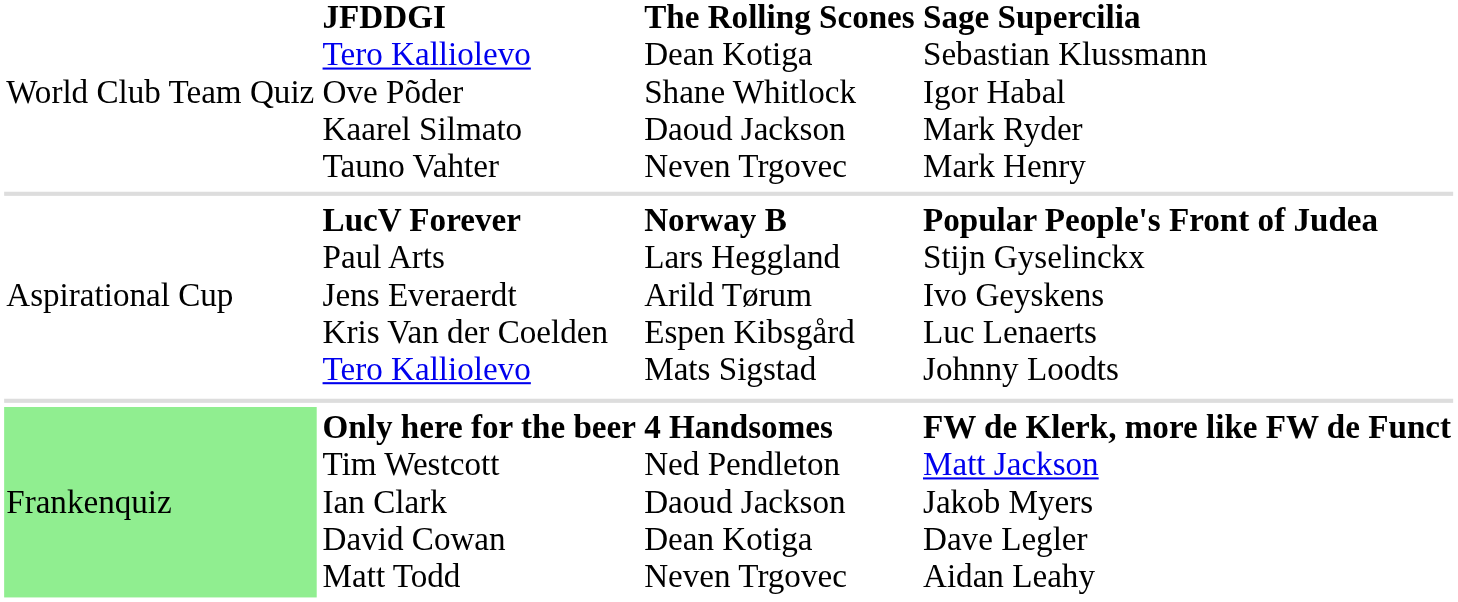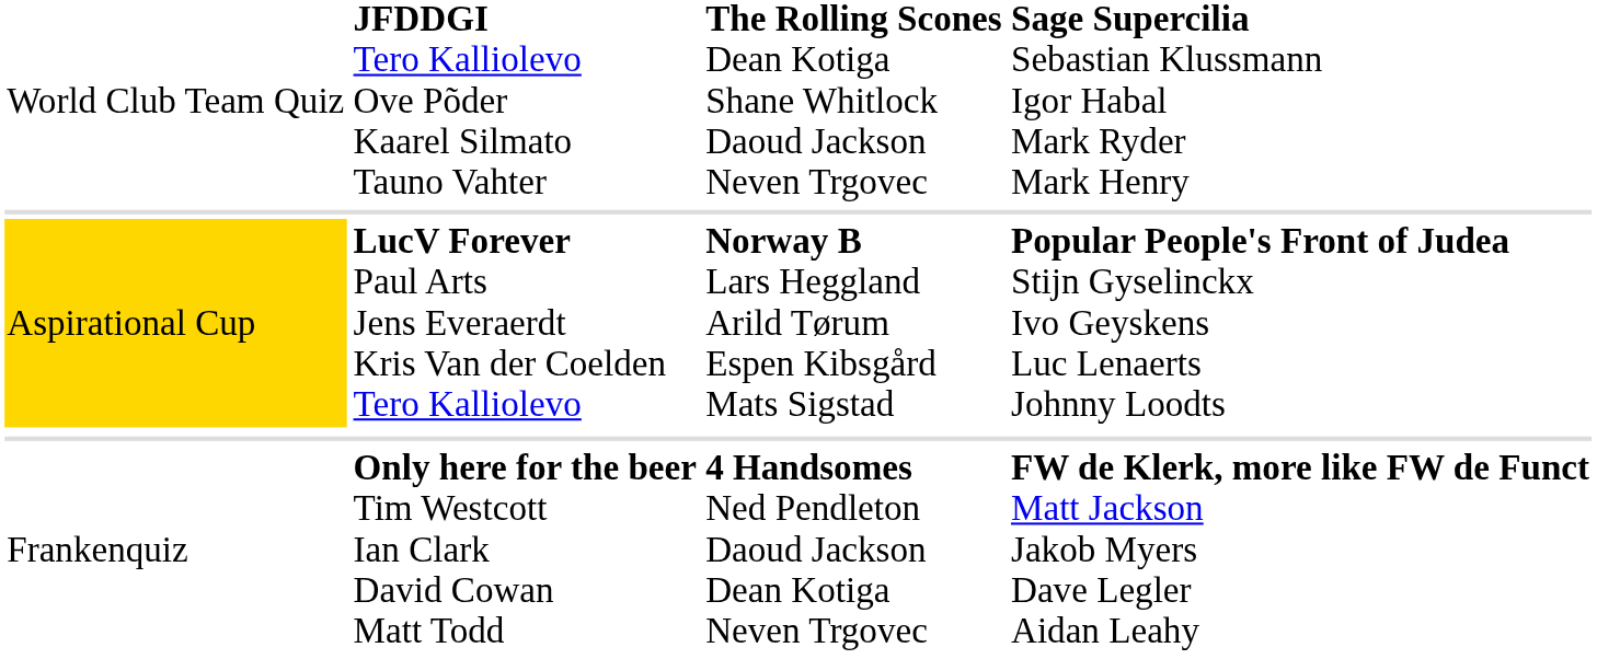 <table>
 <tr>
 <td>World Club Team Quiz</td>
 <td><strong>JFDDGI</strong><br>  <a href='#'>Tero Kalliolevo</a> <br>  Ove Põder <br>  Kaarel Silmato <br>  Tauno Vahter</td>
 <td><strong>The Rolling Scones</strong><br>  Dean Kotiga <br>  Shane Whitlock <br>  Daoud Jackson <br>  Neven Trgovec</td>
 <td><strong>Sage Supercilia</strong><br>  Sebastian Klussmann <br>  Igor Habal <br>  Mark Ryder <br>  Mark Henry</td>
 </tr>
 <tr bgcolor=#DDDDDD>
 <td colspan=5></td>
 </tr>
 <tr>
-<td>Aspirational Cup</td>
+<td style="background: gold;">Aspirational Cup</td>
 <td><strong>LucV Forever</strong><br>  Paul Arts <br>  Jens Everaerdt <br>  Kris Van der Coelden <br>  <a href='#'>Tero Kalliolevo</a></td>
 <td><strong>Norway B</strong><br>  Lars Heggland <br>  Arild Tørum <br>  Espen Kibsgård <br>  Mats Sigstad</td>
 <td><strong>Popular People's Front of Judea</strong><br>  Stijn Gyselinckx <br>  Ivo Geyskens <br>  Luc Lenaerts <br>  Johnny Loodts</td>
 </tr>
 <tr bgcolor=#DDDDDD>
 </tr>
 <tr bgcolor=#DDDDDD>
 <td colspan=5></td>
 </tr>
 <tr>
-<td style="background: lightgreen;">Frankenquiz</td>
+<td>Frankenquiz</td>
 <td><strong>Only here for the beer</strong><br>  Tim Westcott <br>  Ian Clark <br>  David Cowan <br>  Matt Todd</td>
 <td><strong>4 Handsomes</strong><br>  Ned Pendleton <br>  Daoud Jackson <br>  Dean Kotiga <br>  Neven Trgovec</td>
 <td><strong>FW de Klerk, more like FW de Funct</strong><br>  <a href='#'>Matt Jackson</a> <br>  Jakob Myers <br>  Dave Legler <br>  Aidan Leahy</td>
 </tr>
 <tr bgcolor=#DDDDDD>
 </tr>
 <tr bgcolor=#DDDDDD>
 </tr>
 </table>
